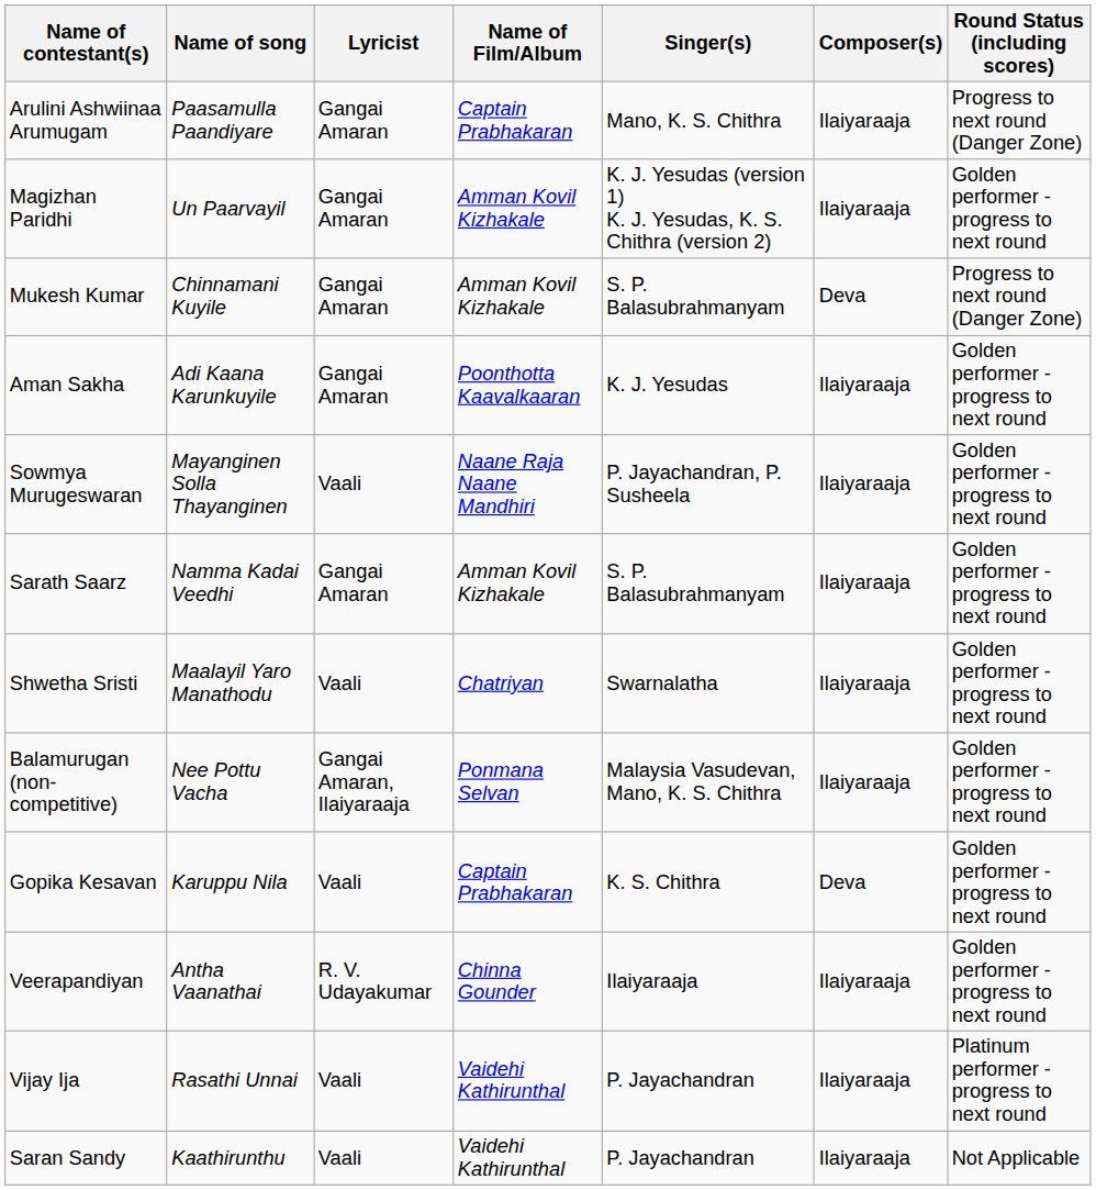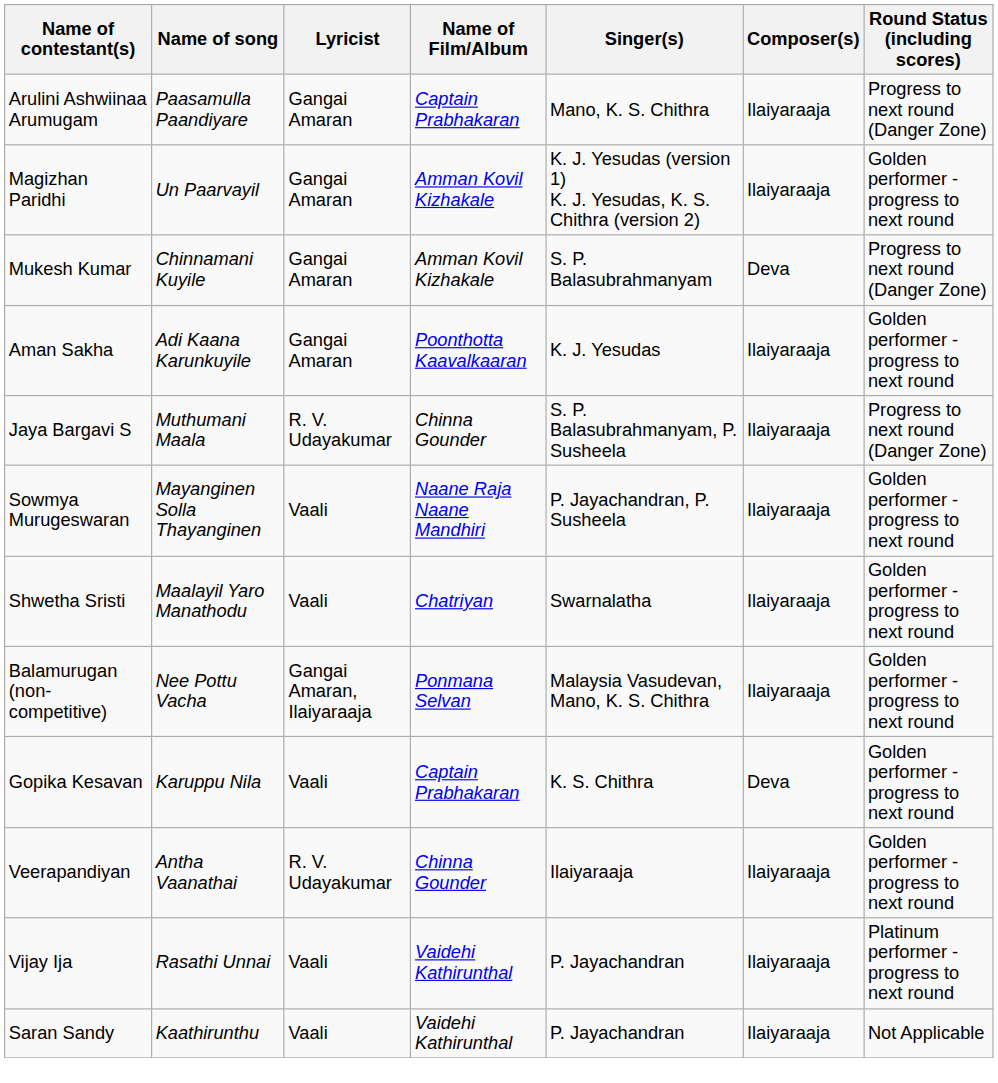 <table class="wikitable">
 <tr>
 <th>Name of contestant(s)</th>
 <th>Name of song</th>
 <th>Lyricist</th>
 <th>Name of Film/Album</th>
 <th>Singer(s)</th>
 <th>Composer(s)</th>
 <th>Round Status (including scores)</th>
 </tr>
 <tr>
 <td>Arulini Ashwiinaa Arumugam</td>
 <td><em>Paasamulla Paandiyare</em></td>
 <td>Gangai Amaran</td>
 <td><a href='#'><em>Captain Prabhakaran</em></a></td>
 <td>Mano, K. S. Chithra</td>
 <td>Ilaiyaraaja</td>
 <td>Progress to next round<br>(Danger Zone)</td>
 </tr>
 <tr>
 <td>Magizhan Paridhi</td>
 <td><em>Un Paarvayil</em></td>
 <td>Gangai Amaran</td>
 <td><a href='#'><em>Amman Kovil Kizhakale</em></a></td>
 <td>K. J. Yesudas (version 1)<br>K. J. Yesudas, K. S. Chithra  (version 2)</td>
 <td>Ilaiyaraaja</td>
 <td>Golden performer - progress to next round</td>
 </tr>
 <tr>
 <td>Mukesh Kumar</td>
 <td><em>Chinnamani Kuyile</em></td>
 <td>Gangai Amaran</td>
 <td><em>Amman Kovil Kizhakale</em></td>
 <td>S. P. Balasubrahmanyam</td>
 <td>Deva</td>
 <td>Progress to next round<br>(Danger Zone)</td>
 </tr>
 <tr>
 <td>Aman Sakha</td>
 <td><em>Adi Kaana Karunkuyile</em></td>
 <td>Gangai Amaran</td>
 <td><a href='#'><em>Poonthotta Kaavalkaaran</em></a></td>
 <td>K. J. Yesudas</td>
 <td>Ilaiyaraaja</td>
 <td>Golden performer - progress to next round</td>
 </tr>
 <tr>
+<td>Jaya Bargavi S</td>
+<td><em>Muthumani Maala</em></td>
+<td>R. V. Udayakumar</td>
+<td><em>Chinna Gounder</em></td>
+<td>S. P. Balasubrahmanyam, P. Susheela</td>
+<td>Ilaiyaraaja</td>
+<td>Progress to next round<br>(Danger Zone)</td>
+</tr>
+<tr>
 <td>Sowmya Murugeswaran</td>
 <td><em>Mayanginen Solla Thayanginen</em></td>
 <td>Vaali</td>
 <td><a href='#'><em>Naane Raja Naane Mandhiri</em></a></td>
 <td>P. Jayachandran, P. Susheela</td>
-<td>Ilaiyaraaja</td>
-<td>Golden performer - progress to next round</td>
-</tr>
-<tr>
-<td>Sarath Saarz</td>
-<td><em>Namma Kadai Veedhi</em></td>
-<td>Gangai Amaran</td>
-<td><em>Amman Kovil Kizhakale</em></td>
-<td>S. P. Balasubrahmanyam</td>
 <td>Ilaiyaraaja</td>
 <td>Golden performer - progress to next round</td>
 </tr>
 <tr>
 <td>Shwetha Sristi</td>
 <td><em>Maalayil Yaro Manathodu</em></td>
 <td>Vaali</td>
 <td><a href='#'><em>Chatriyan</em></a></td>
 <td>Swarnalatha</td>
 <td>Ilaiyaraaja</td>
 <td>Golden performer - progress to next round</td>
 </tr>
 <tr>
 <td>Balamurugan (non-competitive)</td>
 <td><em>Nee Pottu Vacha</em></td>
 <td>Gangai Amaran, Ilaiyaraaja</td>
 <td><a href='#'><em>Ponmana Selvan</em></a></td>
 <td>Malaysia Vasudevan, Mano, K. S. Chithra</td>
 <td>Ilaiyaraaja</td>
 <td>Golden performer - progress to next round</td>
 </tr>
 <tr>
 <td>Gopika Kesavan</td>
 <td><em>Karuppu Nila</em></td>
 <td>Vaali</td>
 <td><a href='#'><em>Captain Prabhakaran</em></a></td>
 <td>K. S. Chithra</td>
 <td>Deva</td>
 <td>Golden performer - progress to next round</td>
 </tr>
 <tr>
 <td>Veerapandiyan</td>
 <td><em>Antha Vaanathai</em></td>
 <td>R. V. Udayakumar</td>
 <td><a href='#'><em>Chinna Gounder</em></a></td>
 <td>Ilaiyaraaja</td>
 <td>Ilaiyaraaja</td>
 <td>Golden performer - progress to next round</td>
 </tr>
 <tr>
 <td>Vijay Ija</td>
 <td><em>Rasathi Unnai</em></td>
 <td>Vaali</td>
 <td><a href='#'><em>Vaidehi Kathirunthal</em></a></td>
 <td>P. Jayachandran</td>
 <td>Ilaiyaraaja</td>
 <td>Platinum performer - progress to next round</td>
 </tr>
 <tr>
 <td>Saran Sandy</td>
 <td><em>Kaathirunthu</em></td>
 <td>Vaali</td>
 <td><em>Vaidehi Kathirunthal</em></td>
 <td>P. Jayachandran</td>
 <td>Ilaiyaraaja</td>
 <td>Not Applicable</td>
 </tr>
 </table>
